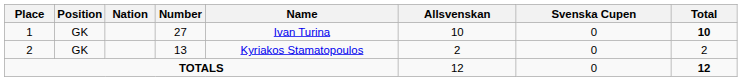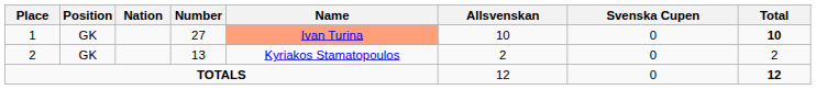 <table class="wikitable" style="font-size: 95%; text-align: center;">
 <tr>
 <th width=60>Place</th>
 <th width=60>Position</th>
 <th width=60>Nation</th>
 <th width=60>Number</th>
 <th width=250>Name</th>
 <th width=150>Allsvenskan</th>
 <th width=200>Svenska Cupen</th>
 <th width=80><strong>Total</strong></th>
 </tr>
 <tr>
 <td>1</td>
 <td>GK</td>
 <td></td>
 <td>27</td>
-<td><a href='#'>Ivan Turina</a></td>
+<td style="background: lightsalmon;"><a href='#'>Ivan Turina</a></td>
 <td>10</td>
 <td>0</td>
 <td><strong>10</strong></td>
 </tr>
 <tr>
 <td>2</td>
 <td>GK</td>
 <td></td>
 <td>13</td>
 <td><a href='#'>Kyriakos Stamatopoulos</a></td>
 <td>2</td>
 <td>0</td>
 <td>2</td>
 </tr>
 <tr>
 <td colspan="5"><strong>TOTALS</strong></td>
 <td>12</td>
 <td>0</td>
 <td><strong>12</strong></td>
 </tr>
 </table>
